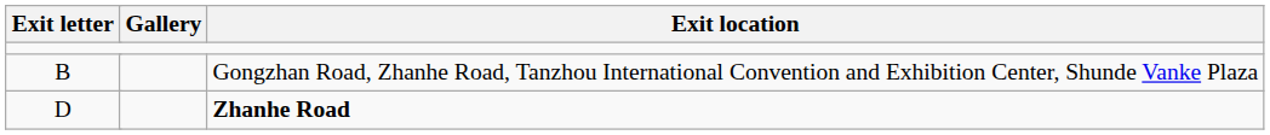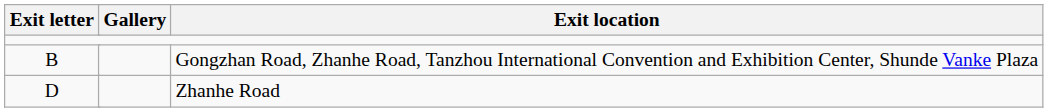 <table class="wikitable">
 <tr>
 <th colspan=2 style="width:70px">Exit letter</th>
 <th>Gallery</th>
 <th>Exit location</th>
 </tr>
 <tr style="background:#">
 <td colspan="4"></td>
 </tr>
 <tr>
 <td colspan=2 align=center>B</td>
 <td></td>
 <td>Gongzhan Road, Zhanhe Road, Tanzhou International Convention and Exhibition Center, Shunde <a href='#'>Vanke</a> Plaza</td>
 </tr>
 <tr>
 <td colspan=2 align=center>D</td>
 <td></td>
-<td><strong>Zhanhe Road</strong></td>
+<td>Zhanhe Road</td>
 </tr>
 </table>
